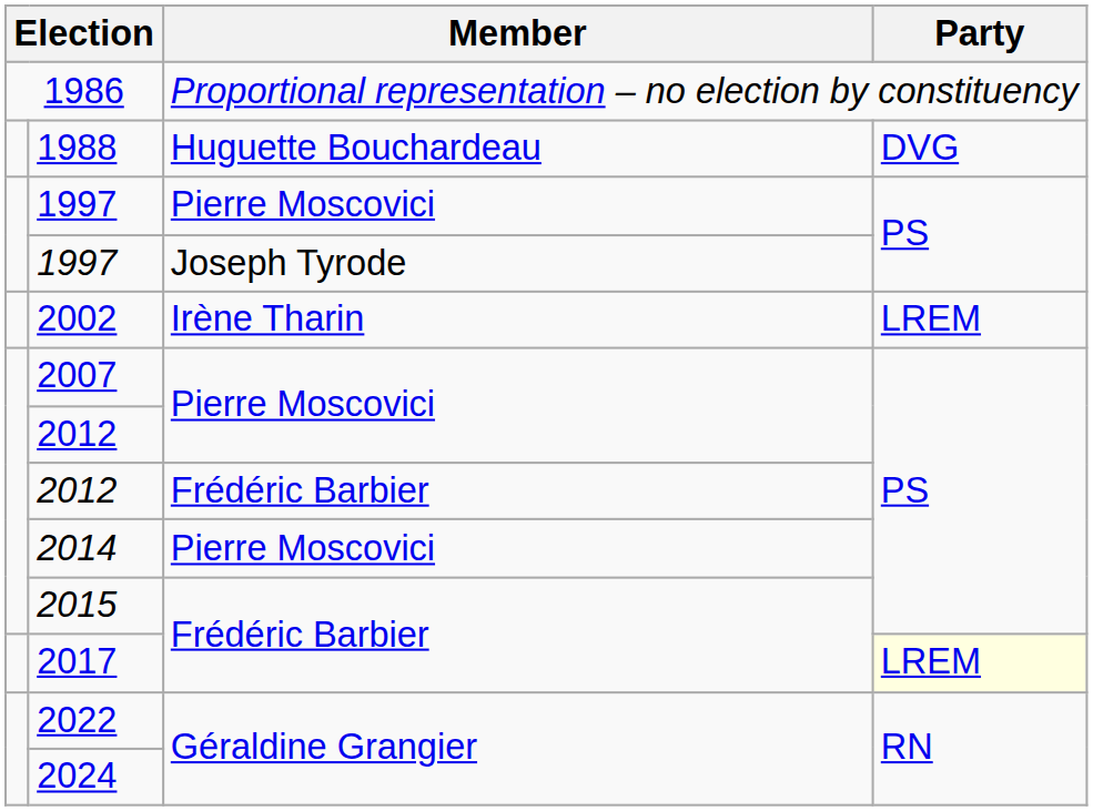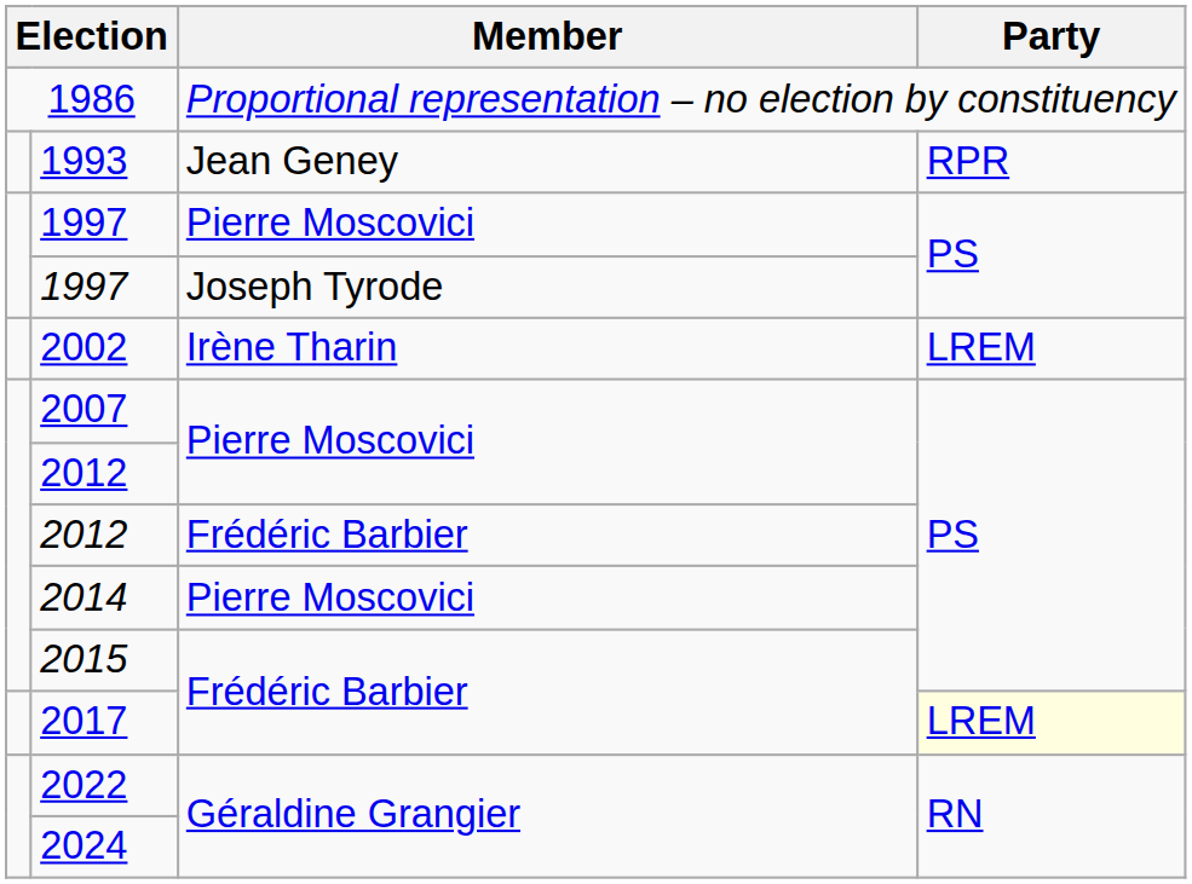 <table class="wikitable">
 <tr>
 <th colspan="2">Election</th>
 <th>Member</th>
 <th>Party</th>
 </tr>
 <tr>
 <td colspan="2" align="center"><a href='#'>1986</a></td>
 <td colspan="2"><em><a href='#'>Proportional representation</a> – no election by constituency</em></td>
 </tr>
 <tr>
 <td style="color:inherit;background-color: "></td>
-<td><a href='#'>1988</a></td>
-<td><a href='#'>Huguette Bouchardeau</a></td>
-<td><a href='#'>DVG</a></td>
+<td><a href='#'>1993</a></td>
+<td>Jean Geney</td>
+<td><a href='#'>RPR</a></td>
 </tr>
 <tr>
 <td rowspan="2" style="color:inherit;background-color: "></td>
 <td><a href='#'>1997</a></td>
 <td><a href='#'>Pierre Moscovici</a></td>
 <td rowspan="2"><a href='#'>PS</a></td>
 </tr>
 <tr>
 <td><em>1997</em></td>
 <td>Joseph Tyrode</td>
 </tr>
 <tr>
 <td style="color:inherit;background-color: "></td>
 <td><a href='#'>2002</a></td>
 <td><a href='#'>Irène Tharin</a></td>
 <td><a href='#'>LREM</a></td>
 </tr>
 <tr>
 <td rowspan="5" style="color:inherit;background-color: "></td>
 <td><a href='#'>2007</a></td>
 <td rowspan="2"><a href='#'>Pierre Moscovici</a></td>
 <td rowspan="5"><a href='#'>PS</a></td>
 </tr>
 <tr>
 <td><a href='#'>2012</a></td>
 </tr>
 <tr>
 <td><em>2012</em></td>
 <td><a href='#'>Frédéric Barbier</a></td>
 </tr>
 <tr>
 <td><em>2014</em></td>
 <td><a href='#'>Pierre Moscovici</a></td>
 </tr>
 <tr>
 <td><em>2015</em></td>
 <td rowspan="2"><a href='#'>Frédéric Barbier</a></td>
 </tr>
 <tr>
 <td style="color:inherit;background-color: "></td>
 <td><a href='#'>2017</a></td>
 <td style="background: lightyellow;"><a href='#'>LREM</a></td>
 </tr>
 <tr>
 <td rowspan="2" style="color:inherit;background-color: "></td>
 <td><a href='#'>2022</a></td>
 <td rowspan="2"><a href='#'>Géraldine Grangier</a></td>
 <td rowspan="2"><a href='#'>RN</a></td>
 </tr>
 <tr>
 <td><a href='#'>2024</a></td>
 </tr>
 </table>
